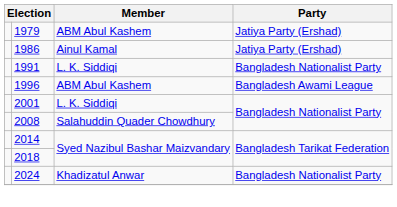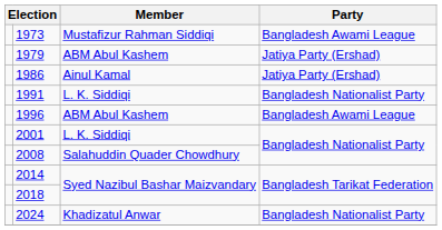 <table class="wikitable">
 <tr>
 <th colspan="2">Election</th>
 <th>Member</th>
 <th>Party</th>
+</tr>
+<tr>
+<td style="background-color:"></td>
+<td><a href='#'>1973</a></td>
+<td><a href='#'>Mustafizur Rahman Siddiqi</a></td>
+<td><a href='#'>Bangladesh Awami League</a></td>
 </tr>
 <tr>
 <td style="background-color:"></td>
 <td><a href='#'>1979</a></td>
 <td><a href='#'>ABM Abul Kashem</a></td>
 <td><a href='#'>Jatiya Party (Ershad)</a></td>
 </tr>
 <tr>
 <td style="background-color:"></td>
 <td><a href='#'>1986</a></td>
 <td><a href='#'>Ainul Kamal</a></td>
 <td><a href='#'>Jatiya Party (Ershad)</a></td>
 </tr>
 <tr>
 <td style="background-color:"></td>
 <td><a href='#'>1991</a></td>
 <td><a href='#'>L. K. Siddiqi</a></td>
 <td><a href='#'>Bangladesh Nationalist Party</a></td>
 </tr>
 <tr>
 <td style="background-color:"></td>
 <td><a href='#'>1996</a></td>
 <td><a href='#'>ABM Abul Kashem</a></td>
 <td><a href='#'>Bangladesh Awami League</a></td>
 </tr>
 <tr>
 <td style="background-color:"></td>
 <td><a href='#'>2001</a></td>
 <td><a href='#'>L. K. Siddiqi</a></td>
 <td rowspan="2"><a href='#'>Bangladesh Nationalist Party</a></td>
 </tr>
 <tr>
 <td style="background-color:"></td>
 <td><a href='#'>2008</a></td>
 <td><a href='#'>Salahuddin Quader Chowdhury</a></td>
 </tr>
 <tr>
 <td style="background-color:"></td>
 <td><a href='#'>2014</a></td>
 <td rowspan="2"><a href='#'>Syed Nazibul Bashar Maizvandary</a></td>
 <td rowspan="2"><a href='#'>Bangladesh Tarikat Federation</a></td>
 </tr>
 <tr>
 <td style="background-color:"></td>
 <td><a href='#'>2018</a></td>
 </tr>
 <tr>
 <td style="background-color:"></td>
 <td><a href='#'>2024</a></td>
 <td><a href='#'>Khadizatul Anwar</a></td>
 <td><a href='#'>Bangladesh Nationalist Party</a></td>
 </tr>
 <tr>
 </tr>
 </table>
